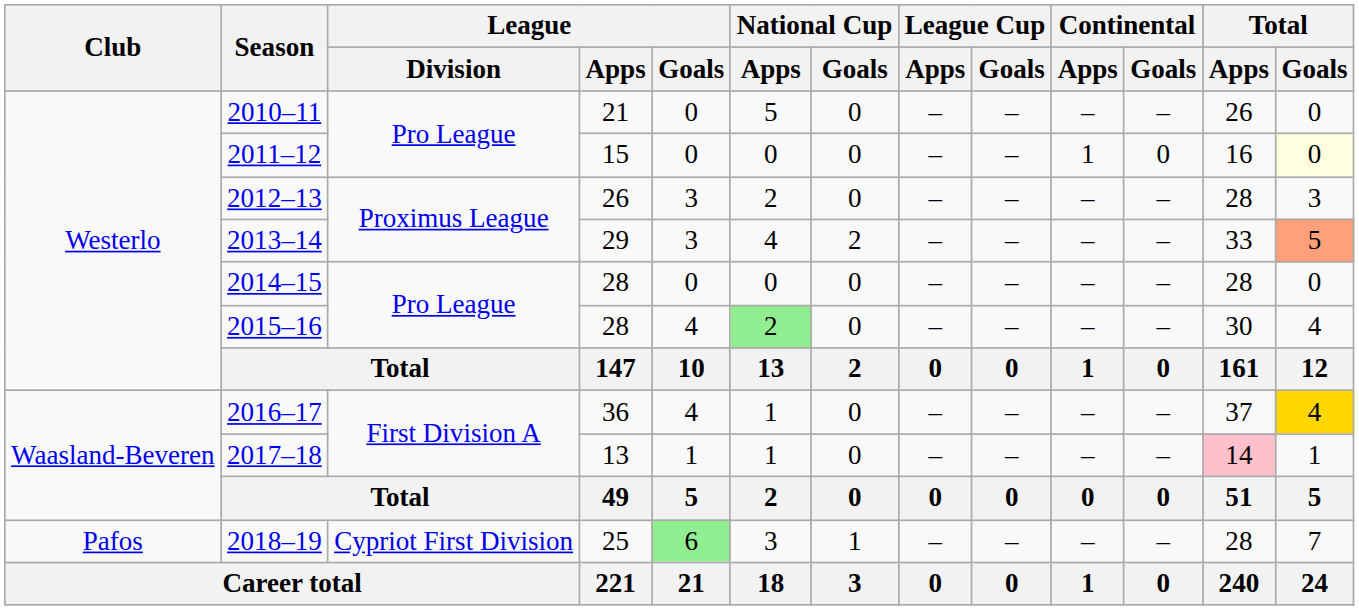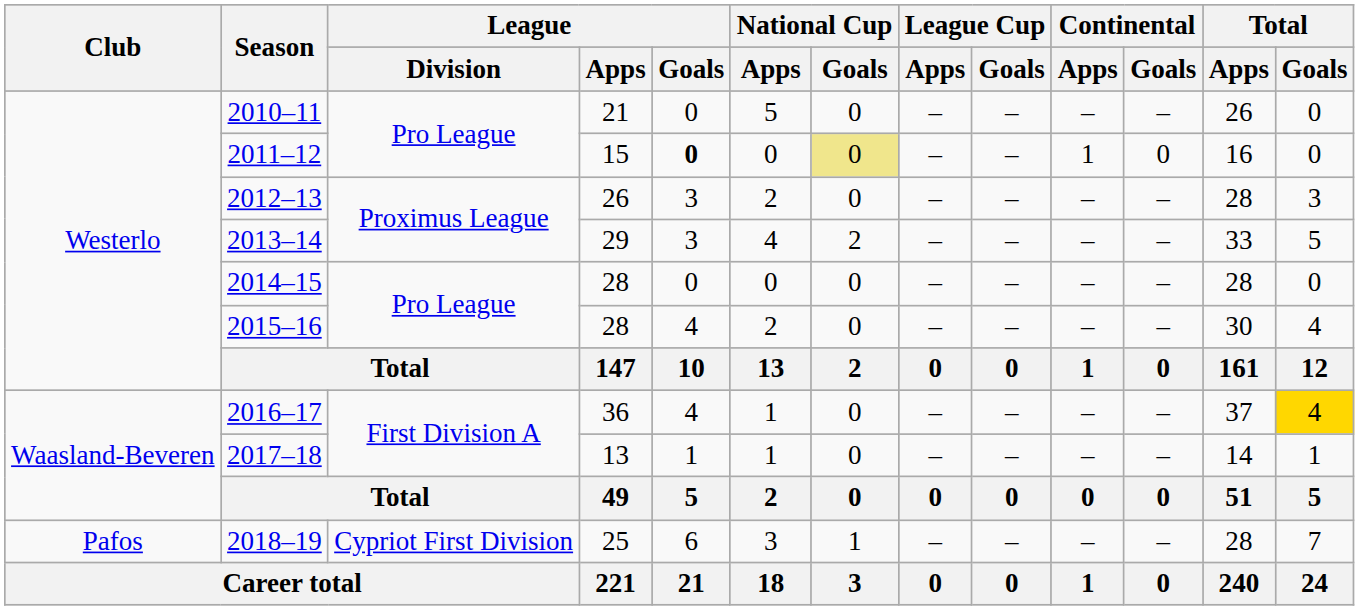 <table class="wikitable" style="text-align:center">
 <tr>
 <th rowspan="2">Club</th>
 <th rowspan="2">Season</th>
 <th colspan="3">League</th>
 <th colspan="2">National Cup</th>
 <th colspan="2">League Cup</th>
 <th colspan="2">Continental</th>
 <th colspan="2">Total</th>
 </tr>
 <tr>
 <th>Division</th>
 <th>Apps</th>
 <th>Goals</th>
 <th>Apps</th>
 <th>Goals</th>
 <th>Apps</th>
 <th>Goals</th>
 <th>Apps</th>
 <th>Goals</th>
 <th>Apps</th>
 <th>Goals</th>
 </tr>
 <tr>
 <td rowspan=7><a href='#'>Westerlo</a></td>
 <td><a href='#'>2010–11</a></td>
 <td rowspan=2><a href='#'>Pro League</a></td>
 <td>21</td>
 <td>0</td>
 <td>5</td>
 <td>0</td>
 <td>–</td>
 <td>–</td>
 <td>–</td>
 <td>–</td>
 <td>26</td>
 <td>0</td>
 </tr>
 <tr>
 <td><a href='#'>2011–12</a></td>
 <td>15</td>
+<td><strong>0</strong></td>
 <td>0</td>
-<td>0</td>
-<td>0</td>
+<td style="background: khaki;">0</td>
 <td>–</td>
 <td>–</td>
 <td>1</td>
 <td>0</td>
 <td>16</td>
-<td style="background: lightyellow;">0</td>
+<td>0</td>
 </tr>
 <tr>
 <td><a href='#'>2012–13</a></td>
 <td rowspan=2><a href='#'>Proximus League</a></td>
 <td>26</td>
 <td>3</td>
 <td>2</td>
 <td>0</td>
 <td>–</td>
 <td>–</td>
 <td>–</td>
 <td>–</td>
 <td>28</td>
 <td>3</td>
 </tr>
 <tr>
 <td><a href='#'>2013–14</a></td>
 <td>29</td>
 <td>3</td>
 <td>4</td>
 <td>2</td>
 <td>–</td>
 <td>–</td>
 <td>–</td>
 <td>–</td>
 <td>33</td>
-<td style="background: lightsalmon;">5</td>
+<td>5</td>
 </tr>
 <tr>
 <td><a href='#'>2014–15</a></td>
 <td rowspan=2><a href='#'>Pro League</a></td>
 <td>28</td>
 <td>0</td>
 <td>0</td>
 <td>0</td>
 <td>–</td>
 <td>–</td>
 <td>–</td>
 <td>–</td>
 <td>28</td>
 <td>0</td>
 </tr>
 <tr>
 <td><a href='#'>2015–16</a></td>
 <td>28</td>
 <td>4</td>
-<td style="background: lightgreen;">2</td>
+<td>2</td>
 <td>0</td>
 <td>–</td>
 <td>–</td>
 <td>–</td>
 <td>–</td>
 <td>30</td>
 <td>4</td>
 </tr>
 <tr>
 <th colspan="2">Total</th>
 <th>147</th>
 <th>10</th>
 <th>13</th>
 <th>2</th>
 <th>0</th>
 <th>0</th>
 <th>1</th>
 <th>0</th>
 <th>161</th>
 <th>12</th>
 </tr>
 <tr>
 <td rowspan=3><a href='#'>Waasland-Beveren</a></td>
 <td><a href='#'>2016–17</a></td>
 <td rowspan=2><a href='#'>First Division A</a></td>
 <td>36</td>
 <td>4</td>
 <td>1</td>
 <td>0</td>
 <td>–</td>
 <td>–</td>
 <td>–</td>
 <td>–</td>
 <td>37</td>
 <td style="background: gold;">4</td>
 </tr>
 <tr>
 <td><a href='#'>2017–18</a></td>
 <td>13</td>
 <td>1</td>
 <td>1</td>
 <td>0</td>
 <td>–</td>
 <td>–</td>
 <td>–</td>
 <td>–</td>
-<td style="background: pink;">14</td>
+<td>14</td>
 <td>1</td>
 </tr>
 <tr>
 <th colspan="2">Total</th>
 <th>49</th>
 <th>5</th>
 <th>2</th>
 <th>0</th>
 <th>0</th>
 <th>0</th>
 <th>0</th>
 <th>0</th>
 <th>51</th>
 <th>5</th>
 </tr>
 <tr>
 <td><a href='#'>Pafos</a></td>
 <td><a href='#'>2018–19</a></td>
 <td><a href='#'>Cypriot First Division</a></td>
 <td>25</td>
-<td style="background: lightgreen;">6</td>
+<td>6</td>
 <td>3</td>
 <td>1</td>
 <td>–</td>
 <td>–</td>
 <td>–</td>
 <td>–</td>
 <td>28</td>
 <td>7</td>
 </tr>
 <tr>
 <th colspan="3">Career total</th>
 <th>221</th>
 <th>21</th>
 <th>18</th>
 <th>3</th>
 <th>0</th>
 <th>0</th>
 <th>1</th>
 <th>0</th>
 <th>240</th>
 <th>24</th>
 </tr>
 </table>
